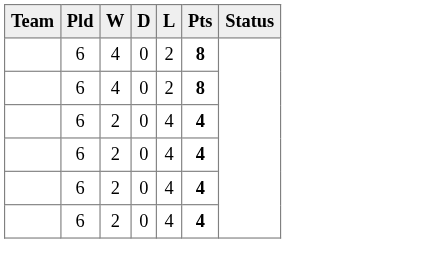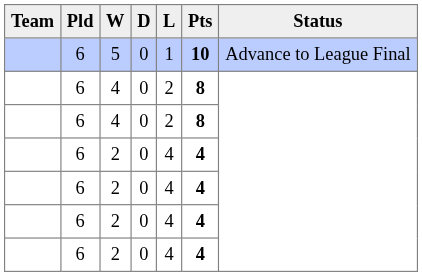 <table style=border-collapse:collapse border=1 cellspacing=0 cellpadding=5>
 <tr align=center bgcolor=#efefef>
 <th>Team</th>
 <th>Pld</th>
 <th>W</th>
 <th>D</th>
 <th>L</th>
 <th>Pts</th>
 <th>Status</th>
+</tr>
+<tr align=center style="background:#bbccff;">
+<td style="text-align:left;"> </td>
+<td>6</td>
+<td>5</td>
+<td>0</td>
+<td>1</td>
+<td><strong>10</strong></td>
+<td rowspan=1>Advance to League Final</td>
 </tr>
 <tr align=center style="background:#FFFFFF;">
 <td style="text-align:left;"> </td>
 <td>6</td>
 <td>4</td>
 <td>0</td>
 <td>2</td>
 <td><strong>8</strong></td>
 <td rowspan=6></td>
 </tr>
 <tr align=center style="background:#FFFFFF;">
 <td style="text-align:left;"> </td>
 <td>6</td>
 <td>4</td>
 <td>0</td>
 <td>2</td>
 <td><strong>8</strong></td>
 </tr>
 <tr align=center style="background:#FFFFFF;">
 <td style="text-align:left;"> </td>
 <td>6</td>
 <td>2</td>
 <td>0</td>
 <td>4</td>
 <td><strong>4</strong></td>
 </tr>
 <tr align=center style="background:#FFFFFF;">
 <td style="text-align:left;"> </td>
 <td>6</td>
 <td>2</td>
 <td>0</td>
 <td>4</td>
 <td><strong>4</strong></td>
 </tr>
 <tr align=center style="background:#FFFFFF;">
 <td style="text-align:left;"> </td>
 <td>6</td>
 <td>2</td>
 <td>0</td>
 <td>4</td>
 <td><strong>4</strong></td>
 </tr>
 <tr align=center style="background:#FFFFFF;">
 <td style="text-align:left;"> </td>
 <td>6</td>
 <td>2</td>
 <td>0</td>
 <td>4</td>
 <td><strong>4</strong></td>
 </tr>
 </table>
